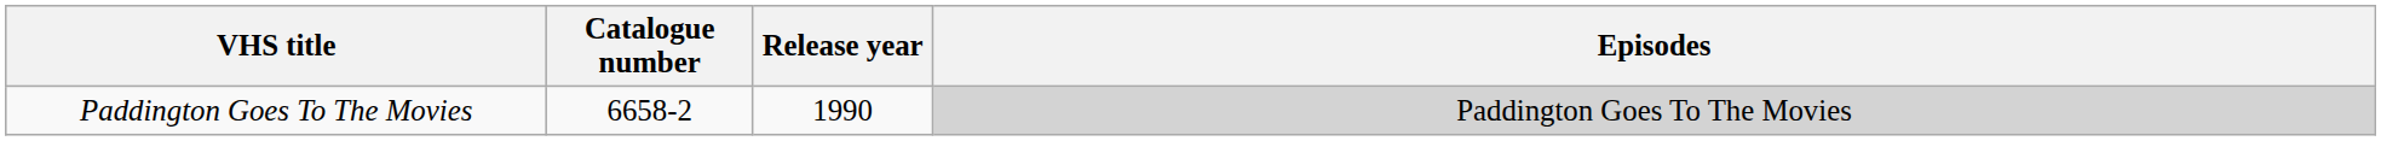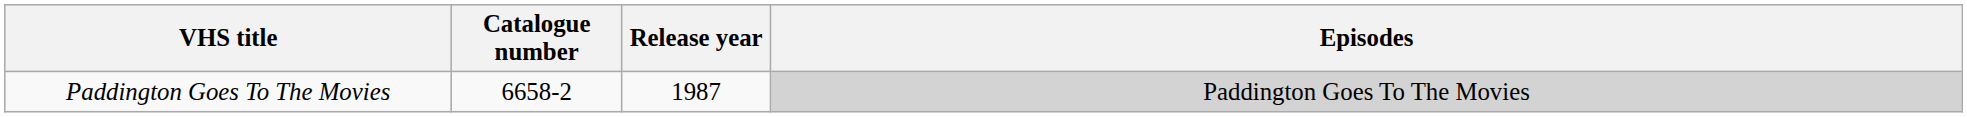 <table class="wikitable" style="text-align:center; width:100%;">
 <tr>
 <th style="width:15%;">VHS title</th>
 <th style="width:05%;">Catalogue number</th>
 <th style="width:05%;">Release year</th>
 <th style="width:40%;">Episodes</th>
 </tr>
 <tr>
 <td><em>Paddington Goes To The Movies</em></td>
 <td>6658-2</td>
-<td>1990</td>
+<td>1987</td>
 <td style="background: lightgrey;">Paddington Goes To The Movies</td>
 </tr>
 </table>
